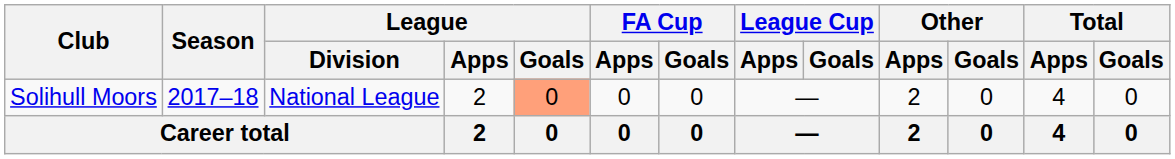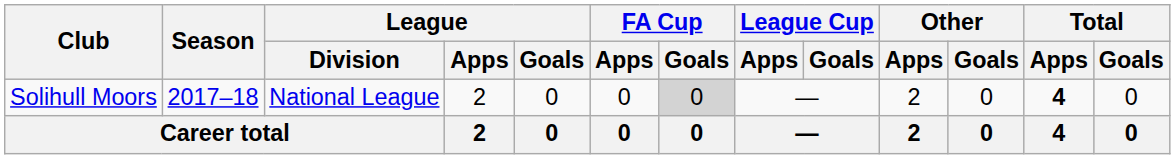 <table class=wikitable style="text-align: center;">
 <tr>
 <th rowspan=2>Club</th>
 <th rowspan=2>Season</th>
 <th colspan=3>League</th>
 <th colspan=2><a href='#'>FA Cup</a></th>
 <th colspan=2><a href='#'>League Cup</a></th>
 <th colspan=2>Other</th>
 <th colspan=2>Total</th>
 </tr>
 <tr>
 <th>Division</th>
 <th>Apps</th>
 <th>Goals</th>
 <th>Apps</th>
 <th>Goals</th>
 <th>Apps</th>
 <th>Goals</th>
 <th>Apps</th>
 <th>Goals</th>
 <th>Apps</th>
 <th>Goals</th>
 </tr>
 <tr>
 <td rowspan=1><a href='#'>Solihull Moors</a></td>
 <td><a href='#'>2017–18</a></td>
 <td><a href='#'>National League</a></td>
 <td>2</td>
-<td style="background: lightsalmon;">0</td>
 <td>0</td>
 <td>0</td>
+<td style="background: lightgrey;">0</td>
 <td colspan="2">—</td>
 <td>2</td>
 <td>0</td>
-<td>4</td>
+<td><strong>4</strong></td>
 <td>0</td>
 </tr>
 <tr>
 <th colspan=3>Career total</th>
 <th>2</th>
 <th>0</th>
 <th>0</th>
 <th>0</th>
 <th colspan="2">—</th>
 <th>2</th>
 <th>0</th>
 <th>4</th>
 <th>0</th>
 </tr>
 </table>
